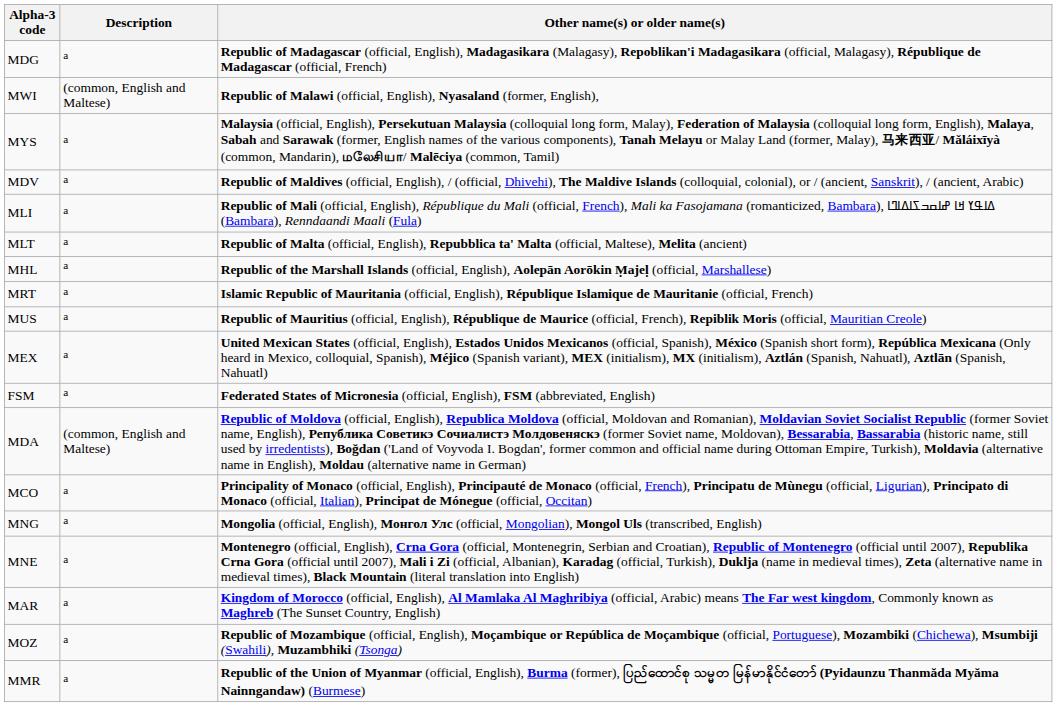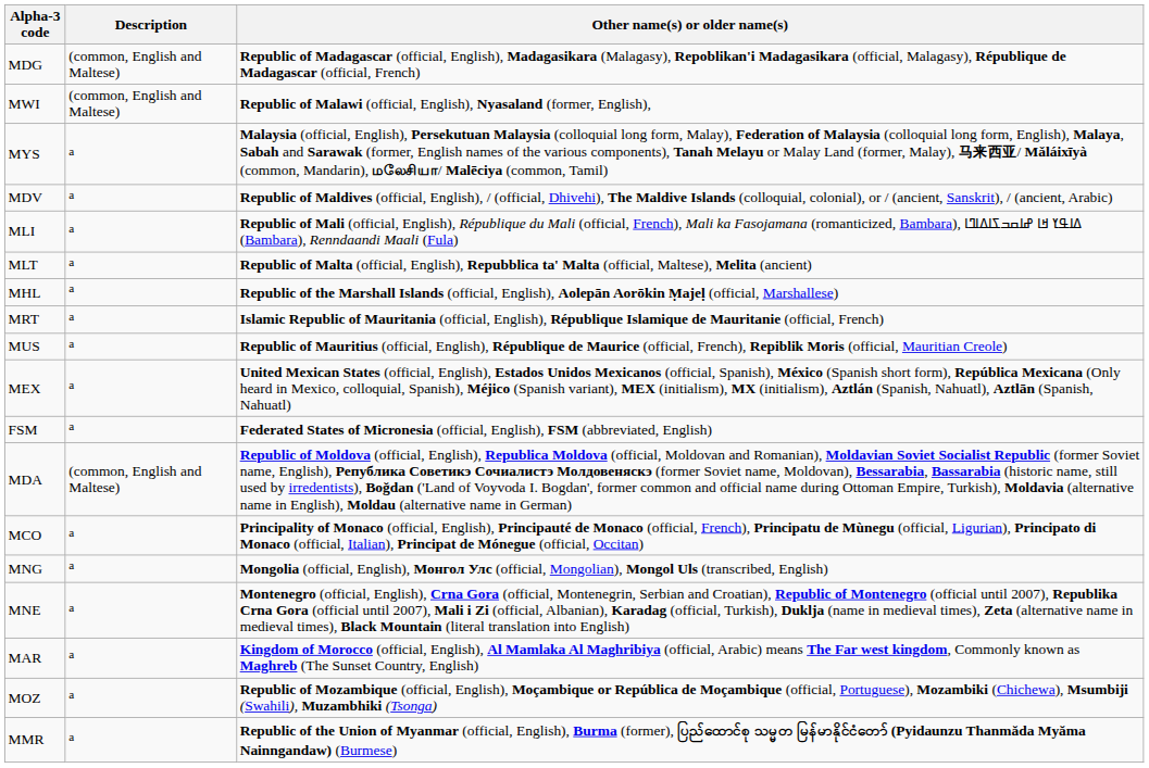 <table class="wikitable">
 <tr>
 <th>Alpha-3 code</th>
 <th width=180px>Description</th>
 <th>Other name(s) or older name(s)</th>
 </tr>
 <tr>
 <td>MDG</td>
-<td>  <sup>a</sup></td>
+<td> (common, English and Maltese)</td>
 <td><strong>Republic of Madagascar</strong> (official, English), <strong>Madagasikara</strong> (Malagasy), <strong>Repoblikan'i Madagasikara</strong> (official, Malagasy), <strong>République de Madagascar</strong> (official, French)</td>
 </tr>
 <tr>
 <td>MWI</td>
 <td> (common, English and Maltese)</td>
 <td><strong>Republic of Malawi</strong> (official, English), <strong>Nyasaland</strong> (former, English),</td>
 </tr>
 <tr>
 <td>MYS</td>
 <td>  <sup>a</sup></td>
 <td><strong>Malaysia</strong> (official, English), <strong>Persekutuan Malaysia</strong> (colloquial long form, Malay), <strong>Federation of Malaysia</strong> (colloquial long form, English), <strong>Malaya</strong>, <strong>Sabah</strong> and <strong>Sarawak</strong> (former, English names of the various components), <strong>Tanah Melayu</strong> or Malay Land (former, Malay), <strong>马来西亚</strong>/ <strong>Mǎláixīyà</strong> (common, Mandarin), <strong>மலேசியா</strong>/ <strong>Malēciya</strong> (common, Tamil)</td>
 </tr>
 <tr>
 <td>MDV</td>
 <td>  <sup>a</sup></td>
 <td><strong>Republic of Maldives</strong> (official, English), <strong></strong>/ <strong></strong> (official, <a href='#'>Dhivehi</a>), <strong>The Maldive Islands</strong> (colloquial, colonial), <strong></strong> or <strong></strong>/ <strong></strong> (ancient, <a href='#'>Sanskrit</a>), <strong></strong>/ <strong></strong> (ancient, Arabic)</td>
 </tr>
 <tr>
 <td>MLI</td>
 <td>  <sup>a</sup></td>
 <td><strong>Republic of Mali</strong> (official, English), <em>République du Mali</em> (official, <a href='#'>French</a>), <em>Mali ka Fasojamana</em> (romanticized, <a href='#'>Bambara</a>), ߡߊߟߌ ߞߊ ߝߊߛߏߖߊߡߊߣߊ (<a href='#'>Bambara</a>), <em>Renndaandi Maali</em> (<a href='#'>Fula</a>)</td>
 </tr>
 <tr>
 <td>MLT</td>
 <td>  <sup>a</sup></td>
 <td><strong>Republic of Malta</strong> (official, English), <strong>Repubblica ta' Malta</strong> (official, Maltese), <strong>Melita</strong> (ancient)</td>
 </tr>
 <tr>
 <td>MHL</td>
 <td>  <sup>a</sup></td>
 <td><strong>Republic of the Marshall Islands</strong> (official, English), <strong>Aolepān Aorōkin Ṃajeḷ</strong> (official, <a href='#'>Marshallese</a>)</td>
 </tr>
 <tr>
 <td>MRT</td>
 <td>  <sup>a</sup></td>
 <td><strong>Islamic Republic of Mauritania</strong> (official, English), <strong>République Islamique de Mauritanie</strong> (official, French)</td>
 </tr>
 <tr>
 <td>MUS</td>
 <td>  <sup>a</sup></td>
 <td><strong>Republic of Mauritius</strong> (official, English), <strong>République de Maurice</strong> (official, French), <strong>Repiblik Moris</strong> (official, <a href='#'>Mauritian Creole</a>)</td>
 </tr>
 <tr>
 <td>MEX</td>
 <td>  <sup>a</sup></td>
 <td><strong>United Mexican States</strong> (official, English), <strong>Estados Unidos Mexicanos</strong> (official, Spanish), <strong>México</strong> (Spanish short form), <strong>República Mexicana</strong> (Only heard in Mexico, colloquial, Spanish), <strong>Méjico</strong> (Spanish variant),  <strong>MEX</strong> (initialism), <strong>MX</strong> (initialism), <strong>Aztlán</strong> (Spanish, Nahuatl), <strong>Aztlān</strong> (Spanish, Nahuatl)</td>
 </tr>
 <tr>
 <td>FSM</td>
 <td>  <sup>a</sup></td>
 <td><strong>Federated States of Micronesia</strong> (official, English), <strong>FSM</strong> (abbreviated, English)</td>
 </tr>
 <tr>
 <td>MDA</td>
 <td> (common, English and Maltese)</td>
 <td><strong><a href='#'>Republic of Moldova</a></strong> (official, English), <strong><a href='#'>Republica Moldova</a></strong> (official, Moldovan and Romanian), <strong><a href='#'>Moldavian Soviet Socialist Republic</a></strong> (former Soviet name, English), <strong>Република Советикэ Сочиалистэ Молдовеняскэ</strong> (former Soviet name, Moldovan), <strong><a href='#'>Bessarabia</a></strong>, <strong><a href='#'>Bassarabia</a></strong> (historic name, still used by <a href='#'>irredentists</a>), <strong>Boğdan</strong> ('Land of Voyvoda I. Bogdan', former common and official name during Ottoman Empire, Turkish), <strong>Moldavia</strong> (alternative name in English), <strong>Moldau</strong> (alternative name in German)</td>
 </tr>
 <tr>
 <td>MCO</td>
 <td>  <sup>a</sup></td>
 <td><strong>Principality of Monaco</strong> (official, English), <strong>Principauté de Monaco</strong> (official, <a href='#'>French</a>), <strong>Principatu de Mùnegu</strong> (official, <a href='#'>Ligurian</a>), <strong>Principato di Monaco</strong> (official, <a href='#'>Italian</a>), <strong>Principat de Mónegue</strong> (official, <a href='#'>Occitan</a>)</td>
 </tr>
 <tr>
 <td>MNG</td>
 <td>  <sup>a</sup></td>
 <td><strong>Mongolia</strong> (official, English), <strong>Монгол Улс</strong> (official, <a href='#'>Mongolian</a>), <strong>Mongol Uls</strong> (transcribed, English)</td>
 </tr>
 <tr>
 <td>MNE</td>
 <td>  <sup>a</sup></td>
 <td><strong>Montenegro</strong> (official, English), <strong><a href='#'>Crna Gora</a></strong> (official, Montenegrin, Serbian and Croatian), <strong><a href='#'>Republic of Montenegro</a></strong> (official until 2007), <strong>Republika Crna Gora</strong> (official until 2007), <strong>Mali i Zi</strong> (official, Albanian), <strong>Karadag</strong> (official, Turkish), <strong>Duklja</strong> (name in medieval times), <strong>Zeta</strong> (alternative name in medieval times), <strong>Black Mountain</strong> (literal translation into English)</td>
 </tr>
 <tr>
 <td>MAR</td>
 <td>  <sup>a</sup></td>
 <td><strong><a href='#'>Kingdom of Morocco</a></strong> (official, English), <strong><a href='#'>Al Mamlaka Al Maghribiya</a></strong> (official, Arabic) means <strong><a href='#'>The Far west kingdom</a></strong>, Commonly known as <strong><a href='#'>Maghreb</a></strong> (The Sunset Country, English)</td>
 </tr>
 <tr>
 <td>MOZ</td>
 <td>  <sup>a</sup></td>
 <td><strong>Republic of Mozambique</strong> (official, English), <strong>Moçambique or República de Moçambique</strong> (official, <a href='#'>Portuguese</a>),  <strong>Mozambiki</strong> (<a href='#'>Chichewa</a>), <strong>Msumbiji</strong> <em>(</em><a href='#'>Swahili</a><em>),</em> <strong>Muzambhiki</strong> <em>(<a href='#'>Tsonga</a>)</em></td>
 </tr>
 <tr>
 <td>MMR</td>
 <td>  <sup>a</sup></td>
 <td><strong>Republic of the Union of Myanmar</strong> (official, English), <strong><a href='#'>Burma</a></strong> (former), <strong>ပြည်ထောင်စု သမ္မတ မြန်မာနိုင်ငံတော်‌ (Pyidaunzu Thanmăda Myăma Nainngandaw)</strong>  (<a href='#'>Burmese</a>)</td>
 </tr>
 </table>
